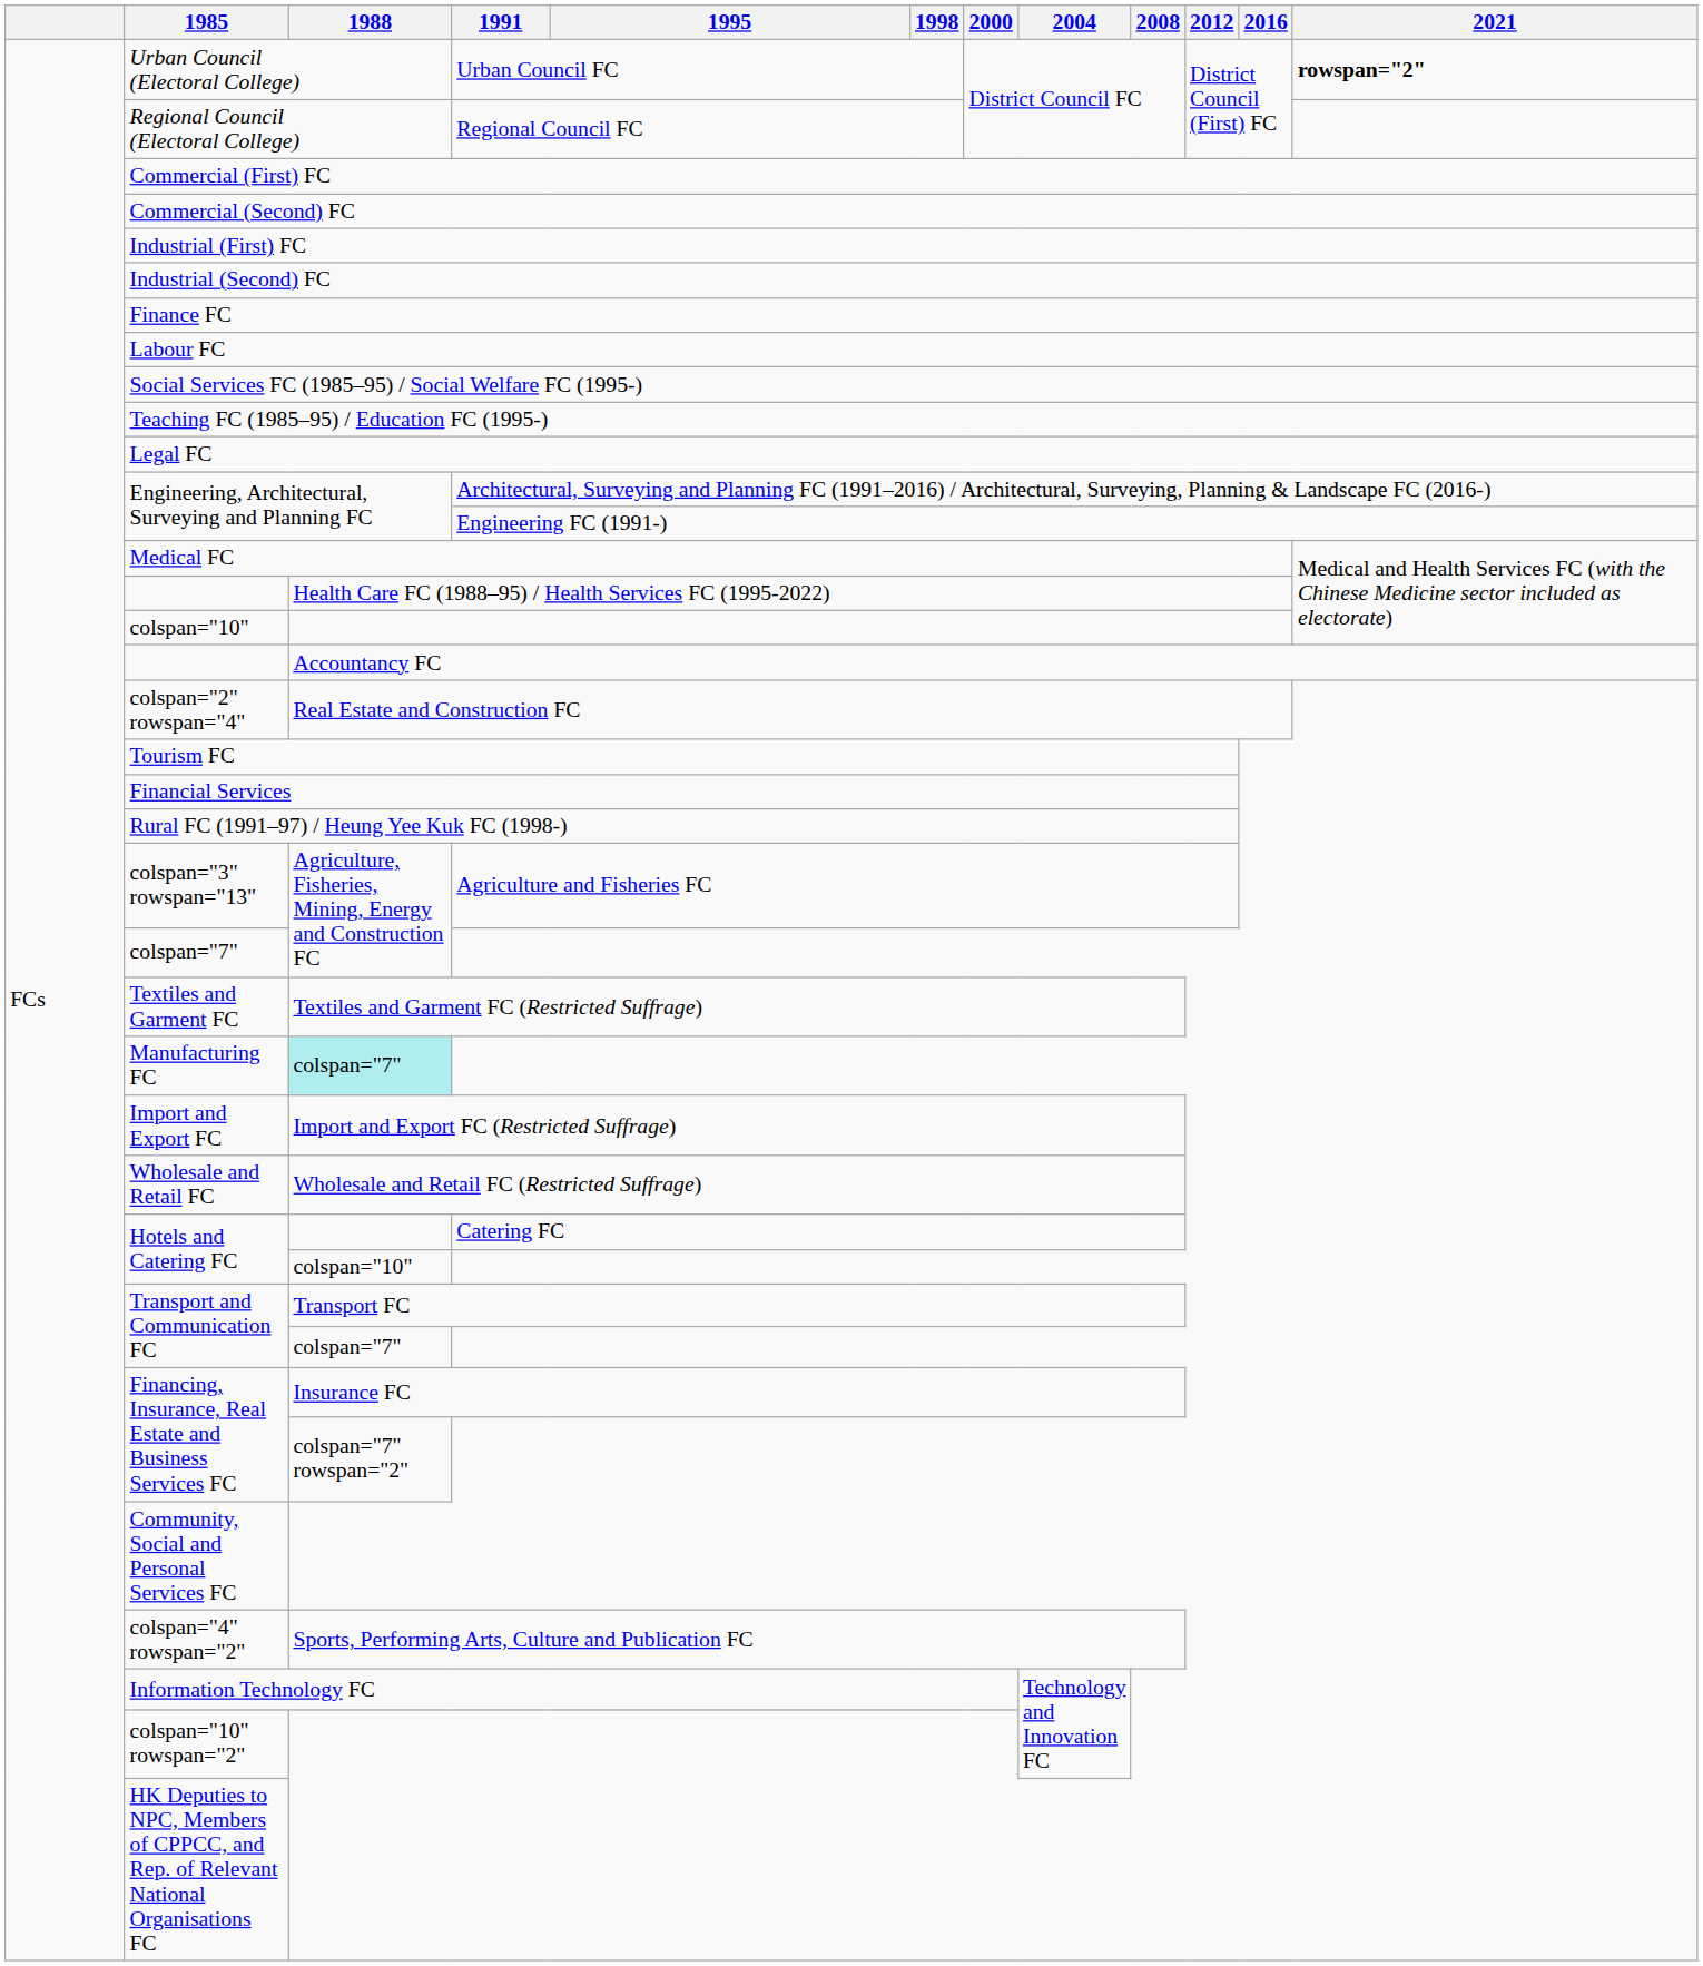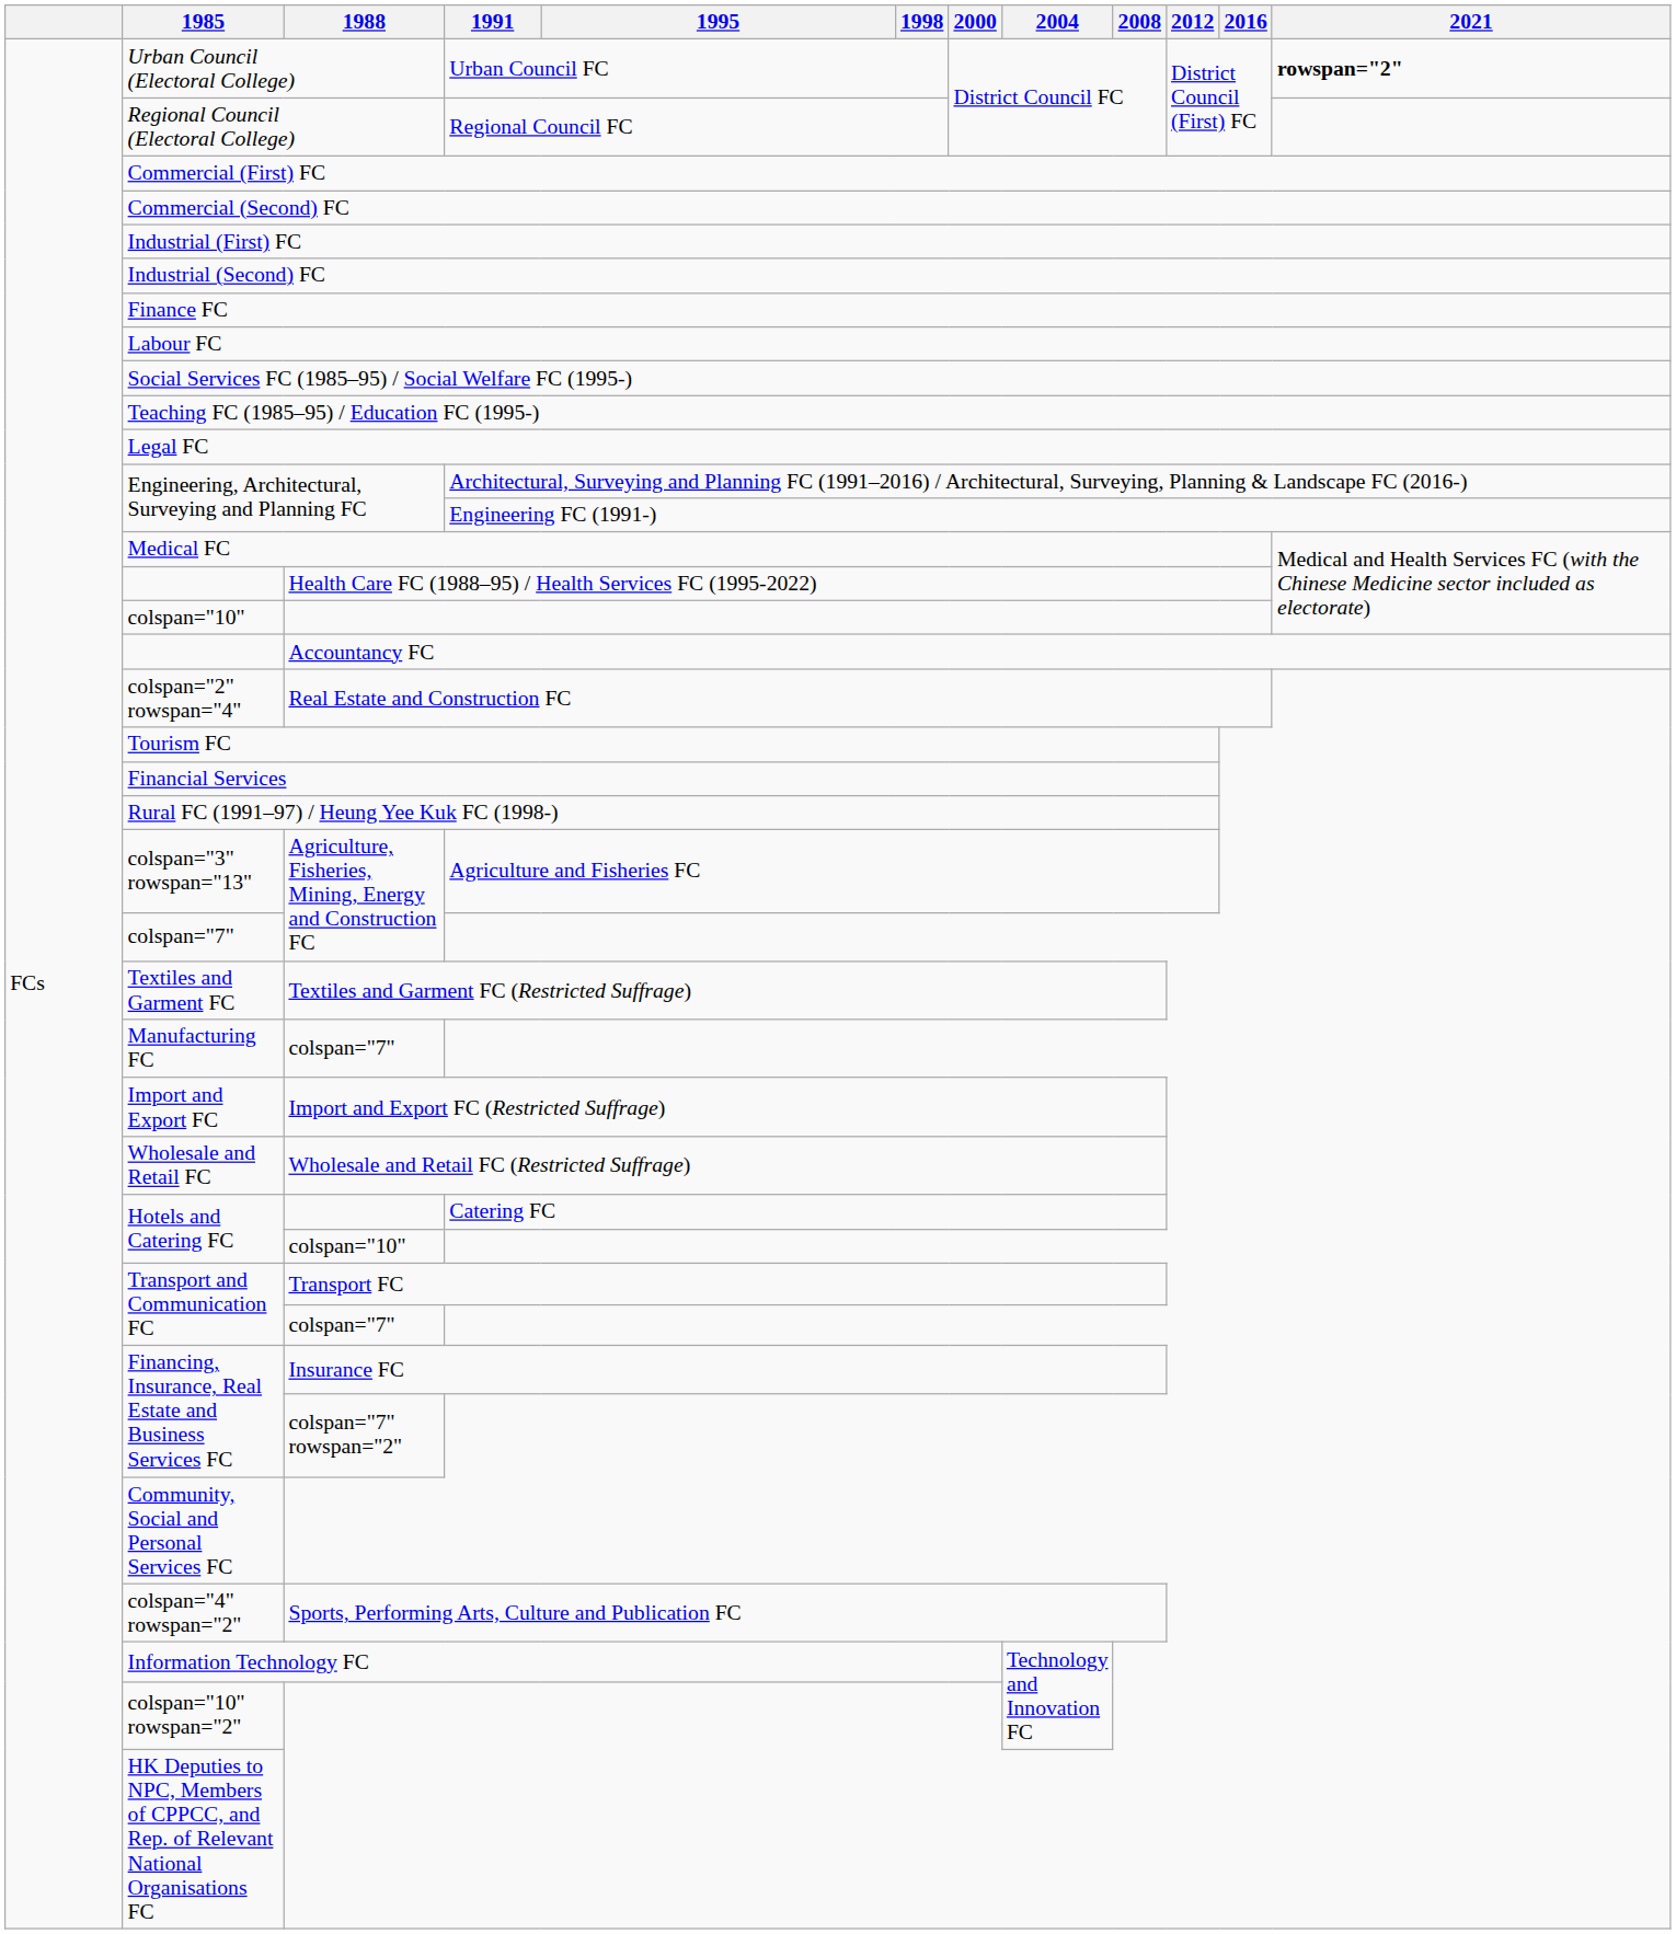 <table class="wikitable">
 <tr>
 <th style=width:5em></th>
 <th style=width:7em><a href='#'>1985</a></th>
 <th style=width:7em><a href='#'>1988</a></th>
 <th style=width:4em><a href='#'>1991</a></th>
 <th style=width:16em><a href='#'>1995</a></th>
 <th style=width:2em><a href='#'>1998</a></th>
 <th style=width:2em><a href='#'>2000</a></th>
 <th style=width:2em><a href='#'>2004</a></th>
 <th style=width:2em><a href='#'>2008</a></th>
 <th style=width:2em><a href='#'>2012</a></th>
 <th style=width:2em><a href='#'>2016</a></th>
 <th style=width:18em><a href='#'>2021</a></th>
 </tr>
 <tr>
 <td rowspan="38">FCs</td>
 <td colspan="2"><em>Urban Council</em><br><em>(Electoral College)</em></td>
 <td colspan="3"><a href='#'>Urban Council</a> FC</td>
 <td colspan="3" rowspan="2"><a href='#'>District Council</a> FC</td>
 <td colspan="2" rowspan="2"><a href='#'>District Council (First)</a> FC</td>
 <td><strong>rowspan="2" </strong></td>
 </tr>
 <tr>
 <td colspan="2"><em>Regional Council</em><br><em>(Electoral College)</em></td>
 <td colspan="3"><a href='#'>Regional Council</a> FC</td>
 </tr>
 <tr>
 <td colspan="11"><a href='#'>Commercial (First)</a> FC</td>
 </tr>
 <tr>
 <td colspan="11"><a href='#'>Commercial (Second)</a> FC</td>
 </tr>
 <tr>
 <td colspan="11"><a href='#'>Industrial (First)</a> FC</td>
 </tr>
 <tr>
 <td colspan="11"><a href='#'>Industrial (Second)</a> FC</td>
 </tr>
 <tr>
 <td colspan="11"><a href='#'>Finance</a> FC</td>
 </tr>
 <tr>
 <td colspan="11"><a href='#'>Labour</a> FC</td>
 </tr>
 <tr>
 <td colspan="11"><a href='#'>Social Services</a> FC (1985–95) / <a href='#'>Social Welfare</a> FC (1995-)</td>
 </tr>
 <tr>
 <td colspan="11"><a href='#'>Teaching</a> FC (1985–95) / <a href='#'>Education</a> FC (1995-)</td>
 </tr>
 <tr>
 <td colspan="11"><a href='#'>Legal</a> FC</td>
 </tr>
 <tr>
 <td colspan="2" rowspan="2">Engineering, Architectural,   Surveying and     Planning FC</td>
 <td colspan="9"><a href='#'>Architectural, Surveying and Planning</a> FC (1991–2016) / Architectural, Surveying, Planning & Landscape FC (2016-)</td>
 </tr>
 <tr>
 <td colspan="9"><a href='#'>Engineering</a> FC (1991-)</td>
 </tr>
 <tr>
 <td colspan="10"><a href='#'>Medical</a> FC</td>
 <td rowspan="3">Medical and Health    Services FC (<em>with the Chinese Medicine sector included as electorate</em>)</td>
 </tr>
 <tr>
 <td></td>
 <td colspan="9"><a href='#'>Health Care</a> FC (1988–95) / <a href='#'>Health Services</a> FC (1995-2022)</td>
 </tr>
 <tr>
 <td>colspan="10" </td>
 </tr>
 <tr>
 <td></td>
 <td colspan="10"><a href='#'>Accountancy</a> FC</td>
 </tr>
 <tr>
 <td>colspan="2" rowspan="4" </td>
 <td colspan="9"><a href='#'>Real Estate and Construction</a> FC</td>
 </tr>
 <tr>
 <td colspan="9"><a href='#'>Tourism</a> FC</td>
 </tr>
 <tr>
 <td colspan="9"><a href='#'>Financial Services</a></td>
 </tr>
 <tr>
 <td colspan="9"><a href='#'>Rural</a> FC (1991–97) / <a href='#'>Heung Yee Kuk</a> FC (1998-)</td>
 </tr>
 <tr>
 <td>colspan="3" rowspan="13" </td>
 <td rowspan="2"><a href='#'>Agriculture, Fisheries,    Mining, Energy and Construction</a> FC</td>
 <td colspan="7"><a href='#'>Agriculture and Fisheries</a> FC</td>
 </tr>
 <tr>
 <td>colspan="7" </td>
 </tr>
 <tr>
 <td><a href='#'>Textiles and Garment</a> FC</td>
 <td colspan="7"><a href='#'>Textiles and Garment</a> FC (<em>Restricted Suffrage</em>)</td>
 </tr>
 <tr>
 <td><a href='#'>Manufacturing</a> FC</td>
-<td style="background: paleturquoise;">colspan="7" </td>
+<td>colspan="7" </td>
 </tr>
 <tr>
 <td><a href='#'>Import and Export</a> FC</td>
 <td colspan="7"><a href='#'>Import and Export</a> FC (<em>Restricted Suffrage</em>)</td>
 </tr>
 <tr>
 <td><a href='#'>Wholesale and Retail</a> FC</td>
 <td colspan="7"><a href='#'>Wholesale and Retail</a> FC (<em>Restricted Suffrage</em>)</td>
 </tr>
 <tr>
 <td rowspan="2"><a href='#'>Hotels and Catering</a> FC</td>
 <td></td>
 <td colspan="6"><a href='#'>Catering</a> FC</td>
 </tr>
 <tr>
 <td>colspan="10" </td>
 </tr>
 <tr>
 <td rowspan="2"><a href='#'>Transport and Communication</a> FC</td>
 <td colspan="7"><a href='#'>Transport</a> FC</td>
 </tr>
 <tr>
 <td>colspan="7" </td>
 </tr>
 <tr>
 <td rowspan="2"><a href='#'>Financing, Insurance,       Real Estate and        Business Services</a> FC</td>
 <td colspan="7"><a href='#'>Insurance</a> FC</td>
 </tr>
 <tr>
 <td>colspan="7" rowspan="2" </td>
 </tr>
 <tr>
 <td><a href='#'>Community, Social and Personal Services</a> FC</td>
 </tr>
 <tr>
 <td>colspan="4" rowspan="2" </td>
 <td colspan="7"><a href='#'>Sports, Performing Arts, Culture and Publication</a> FC</td>
 </tr>
 <tr>
 <td colspan="6"><a href='#'>Information Technology</a> FC</td>
 <td rowspan="2"><a href='#'>Technology and       Innovation</a> FC</td>
 </tr>
 <tr>
 <td>colspan="10" rowspan="2" </td>
 </tr>
 <tr>
 <td><a href='#'>HK Deputies to NPC, Members of CPPCC, and      Rep. of Relevant National Organisations</a> FC</td>
 </tr>
 </table>
